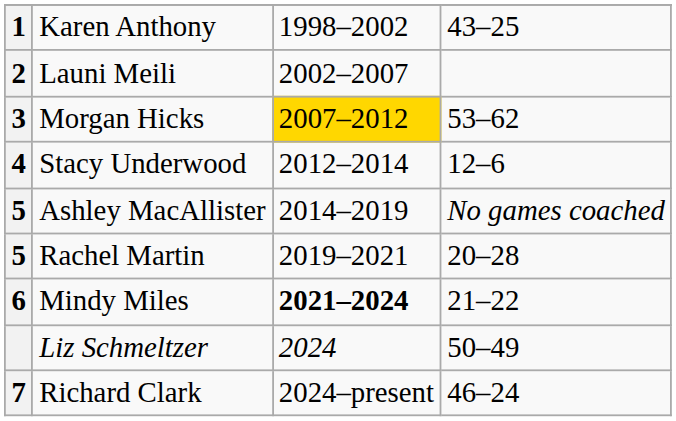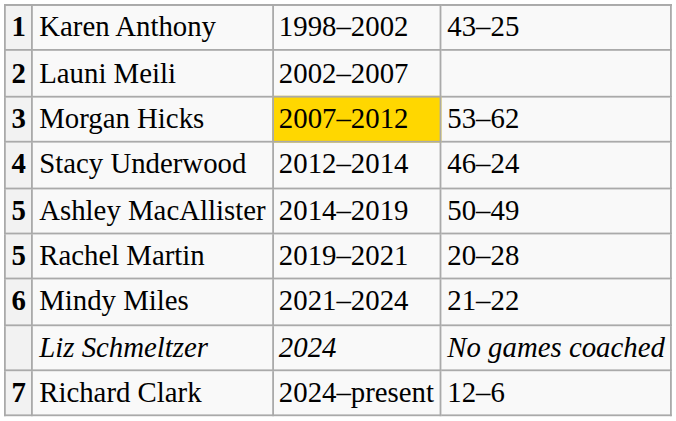 <table class=wikitable>
 <tr>
 </tr>
 <tr>
 <th>1</th>
 <td>Karen Anthony</td>
 <td>1998–2002</td>
 <td>43–25 </td>
 </tr>
 <tr>
 <th>2</th>
 <td>Launi Meili</td>
 <td>2002–2007</td>
 <td> </td>
 </tr>
 <tr>
 <th>3</th>
 <td>Morgan Hicks</td>
 <td style="background: gold;">2007–2012</td>
 <td>53–62 </td>
 </tr>
 <tr>
 <th>4</th>
 <td>Stacy Underwood</td>
 <td>2012–2014</td>
-<td>12–6 </td>
+<td>46–24 </td>
 </tr>
 <tr>
 <th>5</th>
 <td>Ashley MacAllister</td>
 <td>2014–2019</td>
-<td><em>No games coached</em></td>
+<td>50–49 </td>
 </tr>
 <tr>
 <th>5</th>
 <td>Rachel Martin</td>
 <td>2019–2021</td>
 <td>20–28 </td>
 </tr>
 <tr>
 <th>6</th>
 <td>Mindy Miles</td>
-<td><strong>2021–2024</strong></td>
+<td>2021–2024</td>
 <td>21–22 </td>
 </tr>
 <tr>
 <th></th>
 <td><em>Liz Schmeltzer</em></td>
 <td><em>2024</em></td>
-<td>50–49 </td>
+<td><em>No games coached</em></td>
 </tr>
 <tr>
 <th>7</th>
 <td>Richard Clark</td>
 <td>2024–present</td>
-<td>46–24 </td>
+<td>12–6 </td>
 </tr>
 </table>
